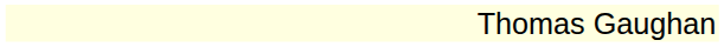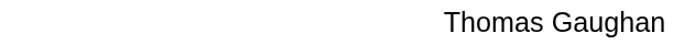 <table class="toccolours" style="float: right; margin-left: 2em; margin-right: 1em; font-size: 90%; width:30em; max-width: 40%;" cellspacing="5">
 <tr>
 <td style="text-align: left;"><br></td>
 </tr>
 <tr>
-<td style="background: lightyellow; text-align: right;">Thomas Gaughan  </td>
+<td style="text-align: right;">Thomas Gaughan  </td>
 </tr>
 </table>
